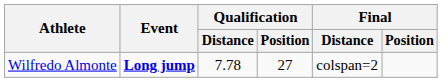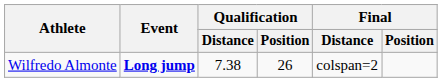 <table class=wikitable style=font-size:90%>
 <tr>
 <th rowspan=2>Athlete</th>
 <th rowspan=2>Event</th>
 <th colspan=2>Qualification</th>
 <th colspan=2>Final</th>
 </tr>
 <tr style=font-size:95%>
 <th>Distance</th>
 <th>Position</th>
 <th>Distance</th>
 <th>Position</th>
 </tr>
 <tr align=center>
 <td align=left><a href='#'>Wilfredo Almonte</a></td>
 <td align=left><strong><a href='#'>Long jump</a></strong></td>
-<td>7.78</td>
-<td>27</td>
+<td>7.38</td>
+<td>26</td>
 <td>colspan=2 </td>
 </tr>
 </table>
